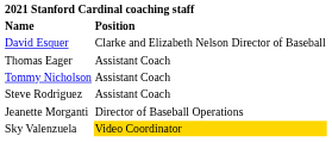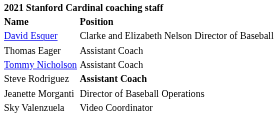 <table class="toccolours" style="text-align: left; font-size:90%;">
 <tr>
 <th colspan="9">2021 Stanford Cardinal coaching staff</th>
 </tr>
 <tr>
 <th>Name</th>
 <th>Position</th>
 </tr>
 <tr>
 <td><a href='#'>David Esquer</a></td>
 <td>Clarke and Elizabeth Nelson Director of Baseball</td>
 </tr>
 <tr>
 <td>Thomas Eager</td>
 <td>Assistant Coach</td>
 </tr>
 <tr>
 <td><a href='#'>Tommy Nicholson</a></td>
 <td>Assistant Coach</td>
 </tr>
 <tr>
 <td>Steve Rodriguez</td>
-<td>Assistant Coach</td>
+<td><strong>Assistant Coach</strong></td>
 </tr>
 <tr>
 <td>Jeanette Morganti</td>
 <td>Director of Baseball Operations</td>
 </tr>
 <tr>
 <td>Sky Valenzuela</td>
-<td style="background: gold;">Video Coordinator</td>
+<td>Video Coordinator</td>
 </tr>
 </table>
